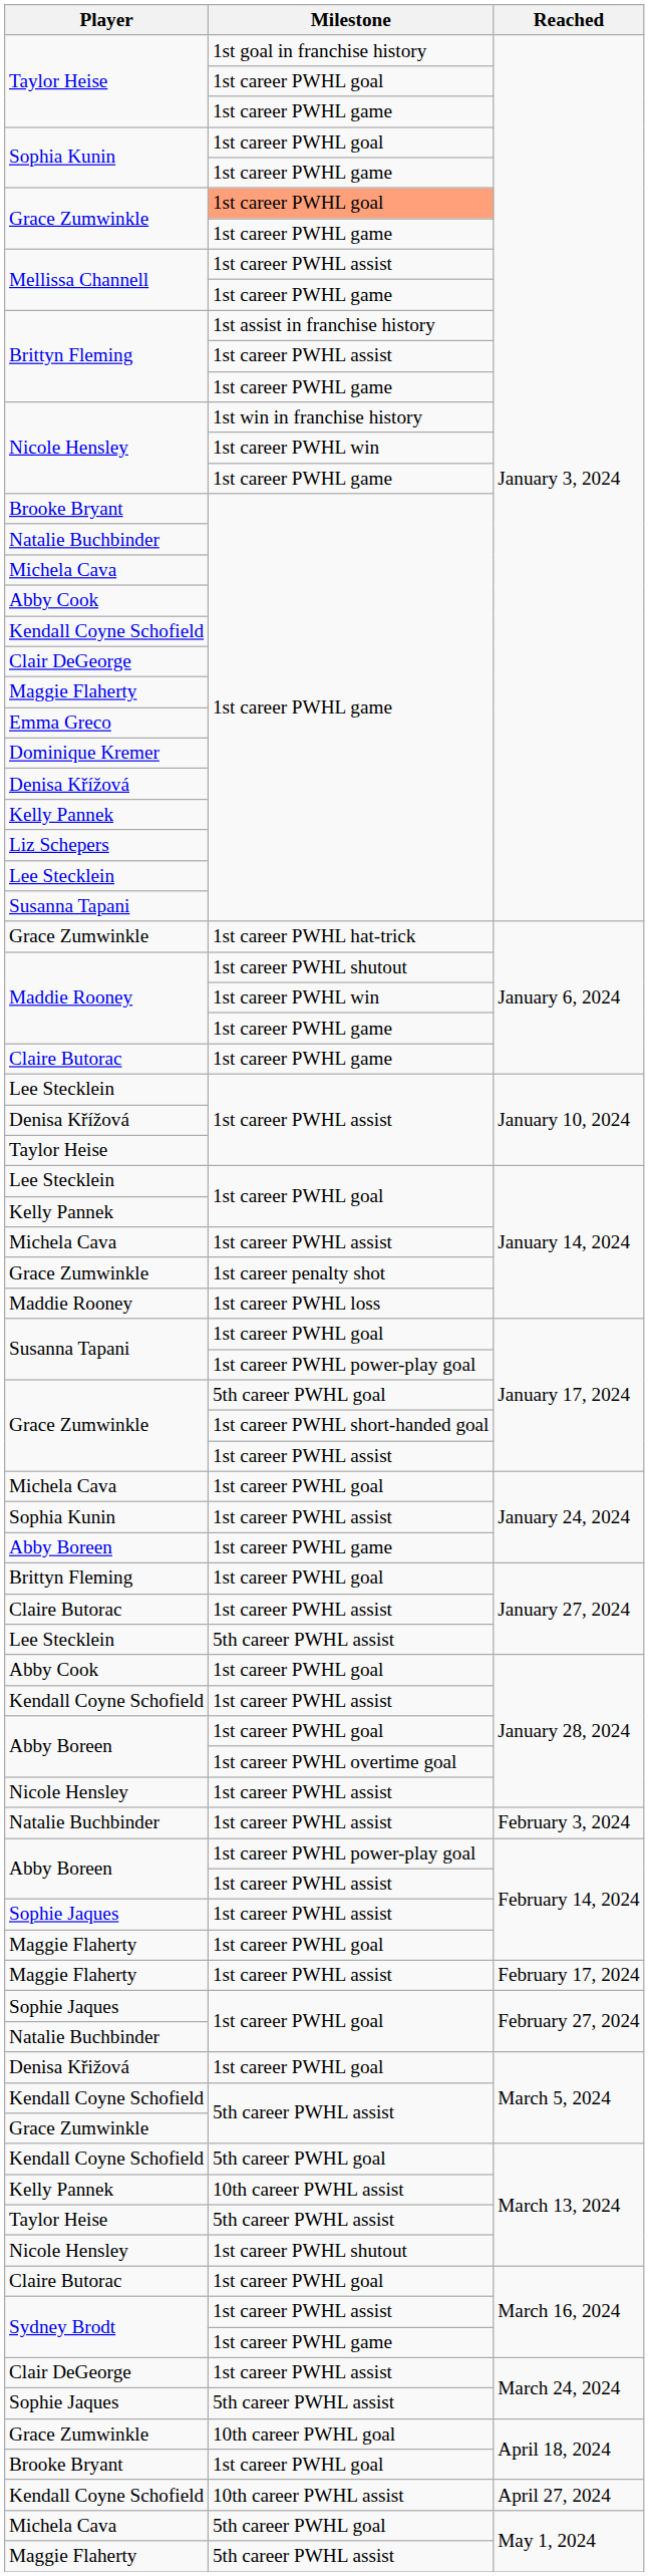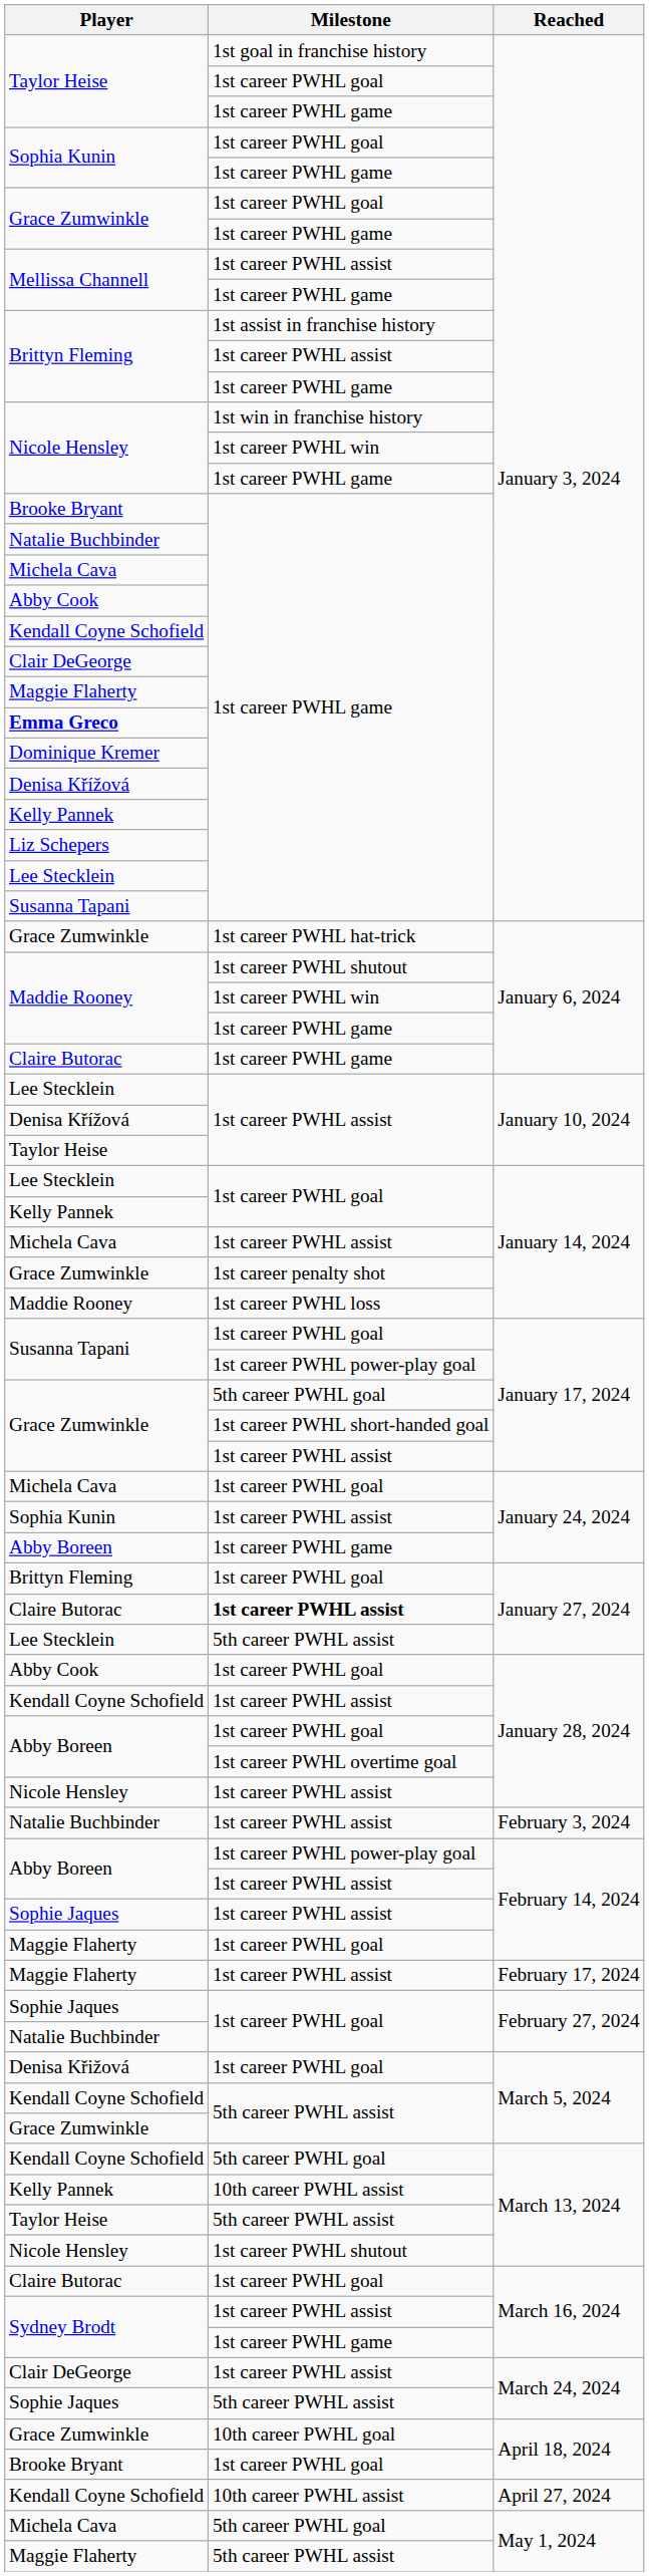 <table class="wikitable">
 <tr>
 <th>Player</th>
 <th>Milestone</th>
 <th>Reached</th>
 </tr>
 <tr>
 <td rowspan=3><a href='#'>Taylor Heise</a></td>
 <td>1st goal in franchise history</td>
 <td rowspan=29>January 3, 2024</td>
 </tr>
 <tr>
 <td>1st career PWHL goal</td>
 </tr>
 <tr>
 <td>1st career PWHL game</td>
 </tr>
 <tr>
 <td rowspan=2><a href='#'>Sophia Kunin</a></td>
 <td>1st career PWHL goal</td>
 </tr>
 <tr>
 <td>1st career PWHL game</td>
 </tr>
 <tr>
 <td rowspan=2><a href='#'>Grace Zumwinkle</a></td>
-<td style="background: lightsalmon;">1st career PWHL goal</td>
+<td>1st career PWHL goal</td>
 </tr>
 <tr>
 <td>1st career PWHL game</td>
 </tr>
 <tr>
 <td rowspan=2><a href='#'>Mellissa Channell</a></td>
 <td>1st career PWHL assist</td>
 </tr>
 <tr>
 <td>1st career PWHL game</td>
 </tr>
 <tr>
 <td rowspan=3><a href='#'>Brittyn Fleming</a></td>
 <td>1st assist in franchise history</td>
 </tr>
 <tr>
 <td>1st career PWHL assist</td>
 </tr>
 <tr>
 <td>1st career PWHL game</td>
 </tr>
 <tr>
 <td rowspan=3><a href='#'>Nicole Hensley</a></td>
 <td>1st win in franchise history</td>
 </tr>
 <tr>
 <td>1st career PWHL win</td>
 </tr>
 <tr>
 <td>1st career PWHL game</td>
 </tr>
 <tr>
 <td><a href='#'>Brooke Bryant</a></td>
 <td rowspan=14>1st career PWHL game</td>
 </tr>
 <tr>
 <td><a href='#'>Natalie Buchbinder</a></td>
 </tr>
 <tr>
 <td><a href='#'>Michela Cava</a></td>
 </tr>
 <tr>
 <td><a href='#'>Abby Cook</a></td>
 </tr>
 <tr>
 <td><a href='#'>Kendall Coyne Schofield</a></td>
 </tr>
 <tr>
 <td><a href='#'>Clair DeGeorge</a></td>
 </tr>
 <tr>
 <td><a href='#'>Maggie Flaherty</a></td>
 </tr>
 <tr>
-<td><a href='#'>Emma Greco</a></td>
+<td><strong><a href='#'>Emma Greco</a></strong></td>
 </tr>
 <tr>
 <td><a href='#'>Dominique Kremer</a></td>
 </tr>
 <tr>
 <td><a href='#'>Denisa Křížová</a></td>
 </tr>
 <tr>
 <td><a href='#'>Kelly Pannek</a></td>
 </tr>
 <tr>
 <td><a href='#'>Liz Schepers</a></td>
 </tr>
 <tr>
 <td><a href='#'>Lee Stecklein</a></td>
 </tr>
 <tr>
 <td><a href='#'>Susanna Tapani</a></td>
 </tr>
 <tr>
 <td>Grace Zumwinkle</td>
 <td>1st career PWHL hat-trick</td>
 <td rowspan=5>January 6, 2024</td>
 </tr>
 <tr>
 <td rowspan=3><a href='#'>Maddie Rooney</a></td>
 <td>1st career PWHL shutout</td>
 </tr>
 <tr>
 <td>1st career PWHL win</td>
 </tr>
 <tr>
 <td>1st career PWHL game</td>
 </tr>
 <tr>
 <td><a href='#'>Claire Butorac</a></td>
 <td>1st career PWHL game</td>
 </tr>
 <tr>
 <td>Lee Stecklein</td>
 <td rowspan=3>1st career PWHL assist</td>
 <td rowspan=3>January 10, 2024</td>
 </tr>
 <tr>
 <td>Denisa Křížová</td>
 </tr>
 <tr>
 <td>Taylor Heise</td>
 </tr>
 <tr>
 <td>Lee Stecklein</td>
 <td rowspan=2>1st career PWHL goal</td>
 <td rowspan=5>January 14, 2024</td>
 </tr>
 <tr>
 <td>Kelly Pannek</td>
 </tr>
 <tr>
 <td>Michela Cava</td>
 <td>1st career PWHL assist</td>
 </tr>
 <tr>
 <td>Grace Zumwinkle</td>
 <td>1st career penalty shot</td>
 </tr>
 <tr>
 <td>Maddie Rooney</td>
 <td>1st career PWHL loss</td>
 </tr>
 <tr>
 <td rowspan=2>Susanna Tapani</td>
 <td>1st career PWHL goal</td>
 <td rowspan=5>January 17, 2024</td>
 </tr>
 <tr>
 <td>1st career PWHL power-play goal</td>
 </tr>
 <tr>
 <td rowspan=3>Grace Zumwinkle</td>
 <td>5th career PWHL goal</td>
 </tr>
 <tr>
 <td>1st career PWHL short-handed goal</td>
 </tr>
 <tr>
 <td>1st career PWHL assist</td>
 </tr>
 <tr>
 <td>Michela Cava</td>
 <td>1st career PWHL goal</td>
 <td rowspan=3>January 24, 2024</td>
 </tr>
 <tr>
 <td>Sophia Kunin</td>
 <td>1st career PWHL assist</td>
 </tr>
 <tr>
 <td><a href='#'>Abby Boreen</a></td>
 <td>1st career PWHL game</td>
 </tr>
 <tr>
 <td>Brittyn Fleming</td>
 <td>1st career PWHL goal</td>
 <td rowspan=3>January 27, 2024</td>
 </tr>
 <tr>
 <td>Claire Butorac</td>
-<td>1st career PWHL assist</td>
+<td><strong>1st career PWHL assist</strong></td>
 </tr>
 <tr>
 <td>Lee Stecklein</td>
 <td>5th career PWHL assist</td>
 </tr>
 <tr>
 <td>Abby Cook</td>
 <td>1st career PWHL goal</td>
 <td rowspan=5>January 28, 2024</td>
 </tr>
 <tr>
 <td>Kendall Coyne Schofield</td>
 <td>1st career PWHL assist</td>
 </tr>
 <tr>
 <td rowspan=2>Abby Boreen</td>
 <td>1st career PWHL goal</td>
 </tr>
 <tr>
 <td>1st career PWHL overtime goal</td>
 </tr>
 <tr>
 <td>Nicole Hensley</td>
 <td>1st career PWHL assist</td>
 </tr>
 <tr>
 <td>Natalie Buchbinder</td>
 <td>1st career PWHL assist</td>
 <td>February 3, 2024</td>
 </tr>
 <tr>
 <td rowspan=2>Abby Boreen</td>
 <td>1st career PWHL power-play goal</td>
 <td rowspan=4>February 14, 2024</td>
 </tr>
 <tr>
 <td>1st career PWHL assist</td>
 </tr>
 <tr>
 <td><a href='#'>Sophie Jaques</a></td>
 <td>1st career PWHL assist</td>
 </tr>
 <tr>
 <td>Maggie Flaherty</td>
 <td>1st career PWHL goal</td>
 </tr>
 <tr>
 <td>Maggie Flaherty</td>
 <td>1st career PWHL assist</td>
 <td>February 17, 2024</td>
 </tr>
 <tr>
 <td>Sophie Jaques</td>
 <td rowspan=2>1st career PWHL goal</td>
 <td rowspan=2>February 27, 2024</td>
 </tr>
 <tr>
 <td>Natalie Buchbinder</td>
 </tr>
 <tr>
 <td>Denisa Křižová</td>
 <td>1st career PWHL goal</td>
 <td rowspan=3>March 5, 2024</td>
 </tr>
 <tr>
 <td>Kendall Coyne Schofield</td>
 <td rowspan=2>5th career PWHL assist</td>
 </tr>
 <tr>
 <td>Grace Zumwinkle</td>
 </tr>
 <tr>
 <td>Kendall Coyne Schofield</td>
 <td>5th career PWHL goal</td>
 <td rowspan=4>March 13, 2024</td>
 </tr>
 <tr>
 <td>Kelly Pannek</td>
 <td>10th career PWHL assist</td>
 </tr>
 <tr>
 <td>Taylor Heise</td>
 <td>5th career PWHL assist</td>
 </tr>
 <tr>
 <td>Nicole Hensley</td>
 <td>1st career PWHL shutout</td>
 </tr>
 <tr>
 <td>Claire Butorac</td>
 <td>1st career PWHL goal</td>
 <td rowspan=3>March 16, 2024</td>
 </tr>
 <tr>
 <td rowspan=2><a href='#'>Sydney Brodt</a></td>
 <td>1st career PWHL assist</td>
 </tr>
 <tr>
 <td>1st career PWHL game</td>
 </tr>
 <tr>
 <td>Clair DeGeorge</td>
 <td>1st career PWHL assist</td>
 <td rowspan=2>March 24, 2024</td>
 </tr>
 <tr>
 <td>Sophie Jaques</td>
 <td>5th career PWHL assist</td>
 </tr>
 <tr>
 <td>Grace Zumwinkle</td>
 <td>10th career PWHL goal</td>
 <td rowspan=2>April 18, 2024</td>
 </tr>
 <tr>
 <td>Brooke Bryant</td>
 <td>1st career PWHL goal</td>
 </tr>
 <tr>
 <td>Kendall Coyne Schofield</td>
 <td>10th career PWHL assist</td>
 <td>April 27, 2024</td>
 </tr>
 <tr>
 <td>Michela Cava</td>
 <td>5th career PWHL goal</td>
 <td rowspan=2>May 1, 2024</td>
 </tr>
 <tr>
 <td>Maggie Flaherty</td>
 <td>5th career PWHL assist</td>
 </tr>
 </table>
